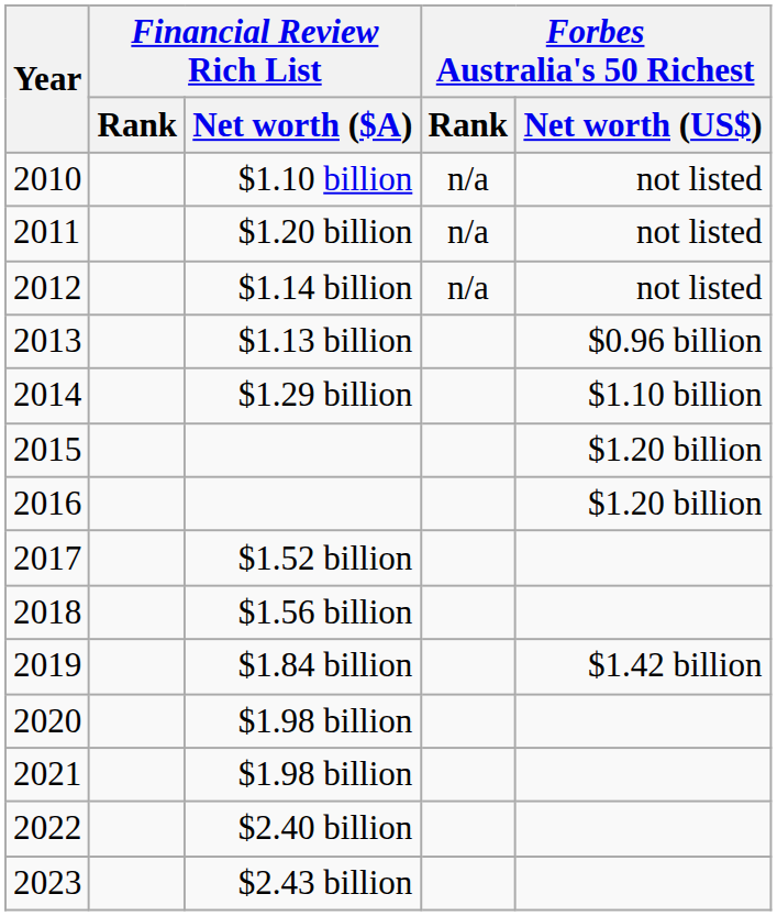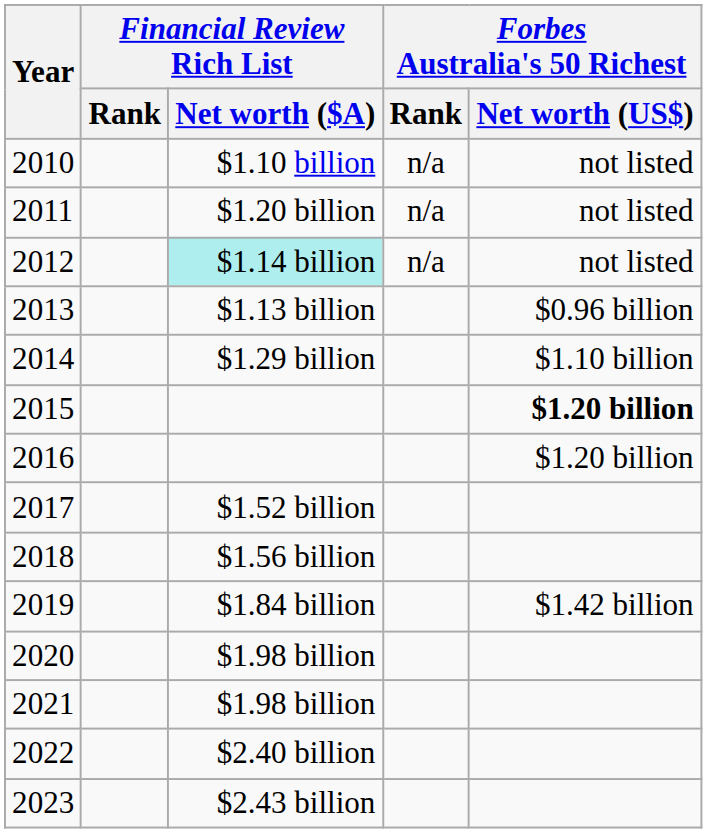 <table class="wikitable">
 <tr>
 <th rowspan=2>Year</th>
 <th colspan=2><em><a href='#'>Financial Review</a></em><br><a href='#'>Rich List</a></th>
 <th colspan=2><em><a href='#'>Forbes</a></em><br><a href='#'>Australia's 50 Richest</a></th>
 </tr>
 <tr>
 <th>Rank</th>
 <th><a href='#'>Net worth</a> (<a href='#'>$A</a>)</th>
 <th>Rank</th>
 <th><a href='#'>Net worth</a> (<a href='#'>US$</a>)</th>
 </tr>
 <tr>
 <td>2010</td>
 <td align="center"></td>
 <td align="right">$1.10 <a href='#'>billion</a> </td>
 <td align="center">n/a</td>
 <td align="right">not listed</td>
 </tr>
 <tr>
 <td>2011</td>
 <td align="center"> </td>
 <td align="right">$1.20 billion </td>
 <td align="center">n/a</td>
 <td align="right">not listed</td>
 </tr>
 <tr>
 <td>2012</td>
 <td align="center"> </td>
-<td align="right">$1.14 billion </td>
+<td align="right" style="background: paleturquoise;">$1.14 billion </td>
 <td align="center">n/a</td>
 <td align="right">not listed</td>
 </tr>
 <tr>
 <td>2013</td>
 <td align="center"> </td>
 <td align="right">$1.13 billion </td>
 <td align="center"> </td>
 <td align="right">$0.96 billion </td>
 </tr>
 <tr>
 <td>2014</td>
 <td align="center"> </td>
 <td align="right">$1.29 billion </td>
 <td align="center"> </td>
 <td align="right">$1.10 billion </td>
 </tr>
 <tr>
 <td>2015</td>
 <td align="center"></td>
 <td align="right"></td>
 <td align="center"> </td>
-<td align="right">$1.20 billion </td>
+<td align="right"><strong>$1.20 billion </strong></td>
 </tr>
 <tr>
 <td>2016</td>
 <td align="center"></td>
 <td align="right"></td>
 <td align="center"> </td>
 <td align="right">$1.20 billion </td>
 </tr>
 <tr>
 <td>2017</td>
 <td align="center"></td>
 <td align="right">$1.52 billion</td>
 <td align="center"> </td>
 <td align="right"></td>
 </tr>
 <tr>
 <td>2018</td>
 <td align="center"></td>
 <td align="right">$1.56 billion </td>
 <td align="center"></td>
 <td align="right"></td>
 </tr>
 <tr>
 <td>2019</td>
 <td align="center"></td>
 <td align="right">$1.84 billion </td>
 <td align="center"> </td>
 <td align="right">$1.42 billion </td>
 </tr>
 <tr>
 <td>2020</td>
 <td align="center"></td>
 <td align="right">$1.98 billion </td>
 <td align="center"></td>
 <td align="right"></td>
 </tr>
 <tr>
 <td>2021</td>
 <td align="center"></td>
 <td align="right">$1.98 billion </td>
 <td align="center"></td>
 <td align="right"></td>
 </tr>
 <tr>
 <td>2022</td>
 <td align="center"></td>
 <td align="right">$2.40 billion </td>
 <td align="center"></td>
 <td align="right"></td>
 </tr>
 <tr>
 <td>2023</td>
 <td align="center"></td>
 <td align="right">$2.43 billion </td>
 <td align="center"></td>
 <td align="right"></td>
 </tr>
 </table>
